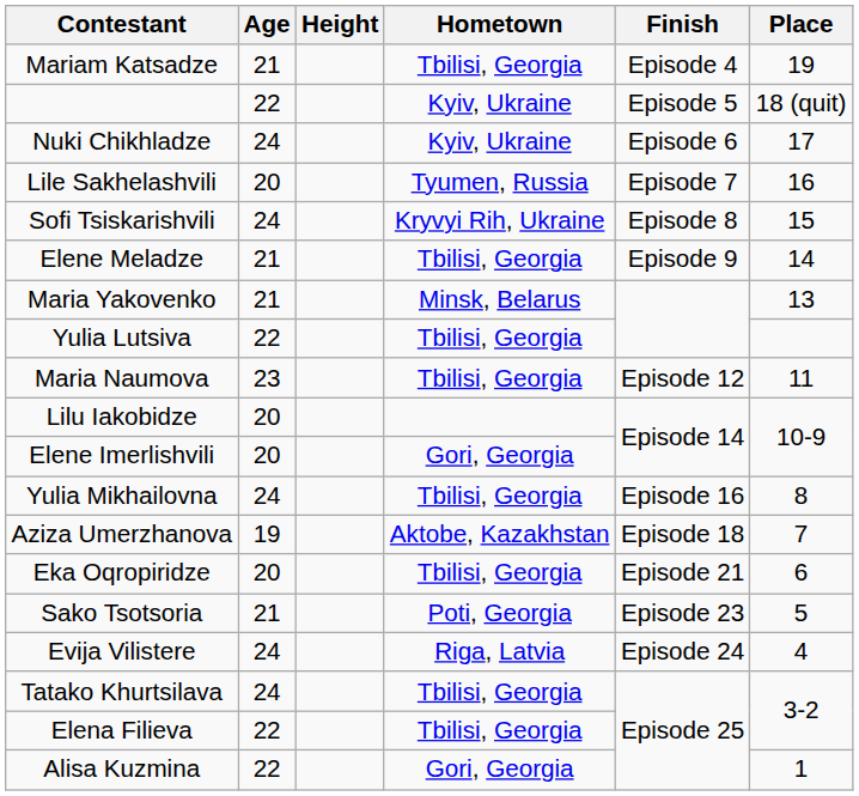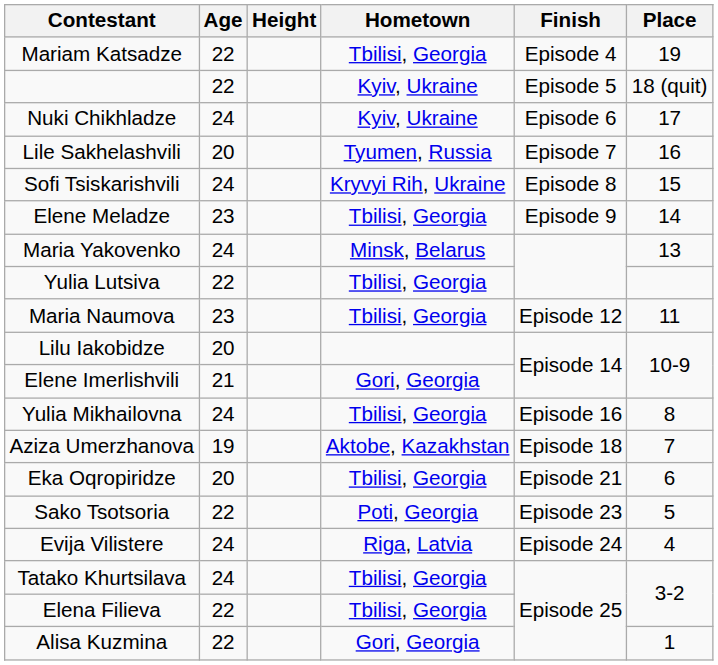 <table class="wikitable sortable" style="text-align:center;">
 <tr>
 <th>Contestant</th>
 <th>Age</th>
 <th>Height</th>
 <th>Hometown</th>
 <th>Finish</th>
 <th>Place</th>
 </tr>
 <tr>
 <td>Mariam Katsadze</td>
-<td>21</td>
+<td>22</td>
 <td></td>
 <td><a href='#'>Tbilisi</a>, <a href='#'>Georgia</a></td>
 <td>Episode 4</td>
 <td>19</td>
 </tr>
 <tr>
 <td></td>
 <td>22</td>
 <td></td>
 <td><a href='#'>Kyiv</a>, <a href='#'>Ukraine</a></td>
 <td>Episode 5</td>
 <td>18 (quit)</td>
 </tr>
 <tr>
 <td>Nuki Chikhladze</td>
 <td>24</td>
 <td></td>
 <td><a href='#'>Kyiv</a>, <a href='#'>Ukraine</a></td>
 <td>Episode 6</td>
 <td>17</td>
 </tr>
 <tr>
 <td>Lile Sakhelashvili</td>
 <td>20</td>
 <td></td>
 <td><a href='#'>Tyumen</a>, <a href='#'>Russia</a></td>
 <td>Episode 7</td>
 <td>16</td>
 </tr>
 <tr>
 <td>Sofi Tsiskarishvili</td>
 <td>24</td>
 <td></td>
 <td><a href='#'>Kryvyi Rih</a>, <a href='#'>Ukraine</a></td>
 <td>Episode 8</td>
 <td>15</td>
 </tr>
 <tr>
 <td>Elene Meladze</td>
-<td>21</td>
+<td>23</td>
 <td></td>
 <td><a href='#'>Tbilisi</a>, <a href='#'>Georgia</a></td>
 <td>Episode 9</td>
 <td>14</td>
 </tr>
 <tr>
 <td>Maria Yakovenko</td>
-<td>21</td>
+<td>24</td>
 <td></td>
 <td><a href='#'>Minsk</a>, <a href='#'>Belarus</a></td>
 <td rowspan="2"></td>
 <td>13</td>
 </tr>
 <tr>
 <td>Yulia Lutsiva</td>
 <td>22</td>
 <td></td>
 <td><a href='#'>Tbilisi</a>, <a href='#'>Georgia</a></td>
 <td></td>
 </tr>
 <tr>
 <td>Maria Naumova</td>
 <td>23</td>
 <td></td>
 <td><a href='#'>Tbilisi</a>, <a href='#'>Georgia</a></td>
 <td>Episode 12</td>
 <td>11</td>
 </tr>
 <tr>
 <td>Lilu Iakobidze</td>
 <td>20</td>
 <td></td>
 <td></td>
 <td rowspan="2">Episode 14</td>
 <td rowspan="2">10-9</td>
 </tr>
 <tr>
 <td>Elene Imerlishvili</td>
-<td>20</td>
+<td>21</td>
 <td></td>
 <td><a href='#'>Gori</a>, <a href='#'>Georgia</a></td>
 </tr>
 <tr>
 <td>Yulia Mikhailovna</td>
 <td>24</td>
 <td></td>
 <td><a href='#'>Tbilisi</a>, <a href='#'>Georgia</a></td>
 <td>Episode 16</td>
 <td>8</td>
 </tr>
 <tr>
 <td>Aziza Umerzhanova</td>
 <td>19</td>
 <td></td>
 <td><a href='#'>Aktobe</a>, <a href='#'>Kazakhstan</a></td>
 <td>Episode 18</td>
 <td>7</td>
 </tr>
 <tr>
 <td>Eka Oqropiridze</td>
 <td>20</td>
 <td></td>
 <td><a href='#'>Tbilisi</a>, <a href='#'>Georgia</a></td>
 <td>Episode 21</td>
 <td>6</td>
 </tr>
 <tr>
 <td>Sako Tsotsoria</td>
-<td>21</td>
+<td>22</td>
 <td></td>
 <td><a href='#'>Poti</a>, <a href='#'>Georgia</a></td>
 <td>Episode 23</td>
 <td>5</td>
 </tr>
 <tr>
 <td>Evija Vilistere</td>
 <td>24</td>
 <td></td>
 <td><a href='#'>Riga</a>, <a href='#'>Latvia</a></td>
 <td>Episode 24</td>
 <td>4</td>
 </tr>
 <tr>
 <td>Tatako Khurtsilava</td>
 <td>24</td>
 <td></td>
 <td><a href='#'>Tbilisi</a>, <a href='#'>Georgia</a></td>
 <td rowspan="3">Episode 25</td>
 <td rowspan="2">3-2</td>
 </tr>
 <tr>
 <td>Elena Filieva</td>
 <td>22</td>
 <td></td>
 <td><a href='#'>Tbilisi</a>, <a href='#'>Georgia</a></td>
 </tr>
 <tr>
 <td>Alisa Kuzmina</td>
 <td>22</td>
 <td></td>
 <td><a href='#'>Gori</a>, <a href='#'>Georgia</a></td>
 <td>1</td>
 </tr>
 </table>
